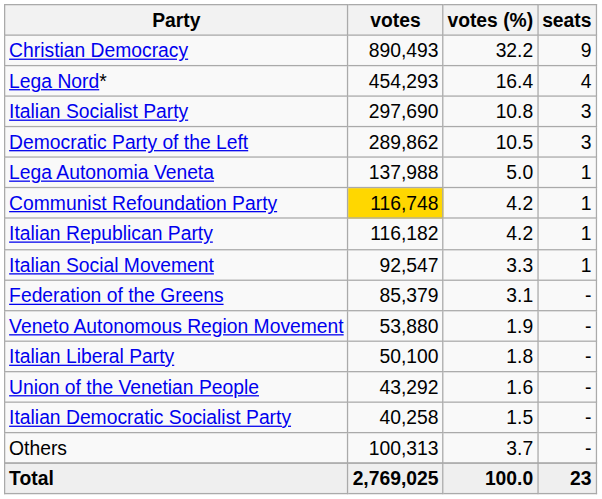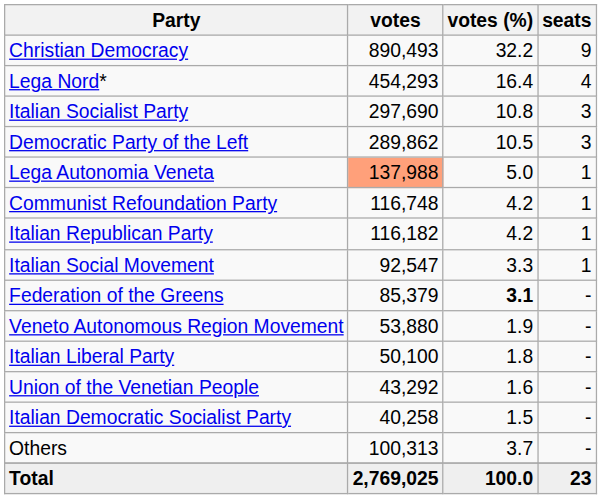 <table class="wikitable" style="font-size:95%">
 <tr bgcolor="EFEFEF">
 <th>Party</th>
 <th>votes</th>
 <th>votes (%)</th>
 <th>seats</th>
 </tr>
 <tr>
 <td><a href='#'>Christian Democracy</a></td>
 <td align=right>890,493</td>
 <td align=right>32.2</td>
 <td align=right>9</td>
 </tr>
 <tr>
 <td><a href='#'>Lega Nord</a>*</td>
 <td align=right>454,293</td>
 <td align=right>16.4</td>
 <td align=right>4</td>
 </tr>
 <tr>
 <td><a href='#'>Italian Socialist Party</a></td>
 <td align=right>297,690</td>
 <td align=right>10.8</td>
 <td align=right>3</td>
 </tr>
 <tr>
 <td><a href='#'>Democratic Party of the Left</a></td>
 <td align=right>289,862</td>
 <td align=right>10.5</td>
 <td align=right>3</td>
 </tr>
 <tr>
 <td><a href='#'>Lega Autonomia Veneta</a></td>
-<td align=right>137,988</td>
+<td align=right style="background: lightsalmon;">137,988</td>
 <td align=right>5.0</td>
 <td align=right>1</td>
 </tr>
 <tr>
 <td><a href='#'>Communist Refoundation Party</a></td>
-<td align=right style="background: gold;">116,748</td>
+<td align=right>116,748</td>
 <td align=right>4.2</td>
 <td align=right>1</td>
 </tr>
 <tr>
 <td><a href='#'>Italian Republican Party</a></td>
 <td align=right>116,182</td>
 <td align=right>4.2</td>
 <td align=right>1</td>
 </tr>
 <tr>
 <td><a href='#'>Italian Social Movement</a></td>
 <td align=right>92,547</td>
 <td align=right>3.3</td>
 <td align=right>1</td>
 </tr>
 <tr>
 <td><a href='#'>Federation of the Greens</a></td>
 <td align=right>85,379</td>
-<td align=right>3.1</td>
+<td align=right><strong>3.1</strong></td>
 <td align=right>-</td>
 </tr>
 <tr>
 <td><a href='#'>Veneto Autonomous Region Movement</a></td>
 <td align=right>53,880</td>
 <td align=right>1.9</td>
 <td align=right>-</td>
 </tr>
 <tr>
 <td><a href='#'>Italian Liberal Party</a></td>
 <td align=right>50,100</td>
 <td align=right>1.8</td>
 <td align=right>-</td>
 </tr>
 <tr>
 <td><a href='#'>Union of the Venetian People</a></td>
 <td align=right>43,292</td>
 <td align=right>1.6</td>
 <td align=right>-</td>
 </tr>
 <tr>
 <td><a href='#'>Italian Democratic Socialist Party</a></td>
 <td align=right>40,258</td>
 <td align=right>1.5</td>
 <td align=right>-</td>
 </tr>
 <tr>
 <td>Others</td>
 <td align=right>100,313</td>
 <td align=right>3.7</td>
 <td align=right>-</td>
 </tr>
 <tr>
 </tr>
 <tr bgcolor="EFEFEF">
 <td><strong>Total</strong></td>
 <td align=right><strong>2,769,025</strong></td>
 <td align=right><strong>100.0</strong></td>
 <td align=right><strong>23</strong></td>
 </tr>
 </table>
